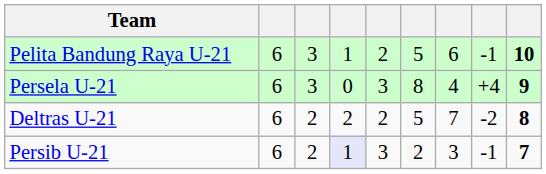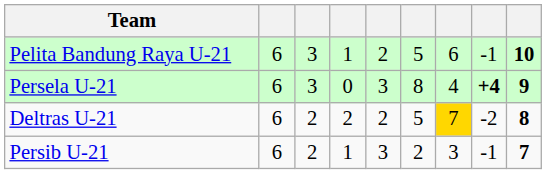 <table class="wikitable" style="text-align:center">
 <tr>
 <th width=190>Team</th>
 <th width=20></th>
 <th width=20></th>
 <th width=20></th>
 <th width=20></th>
 <th width=20></th>
 <th width=20></th>
 <th width=20></th>
 <th width=20></th>
 </tr>
 <tr bgcolor="#ccffcc">
 <td align=left><a href='#'>Pelita Bandung Raya U-21</a></td>
 <td>6</td>
 <td>3</td>
 <td>1</td>
 <td>2</td>
 <td>5</td>
 <td>6</td>
 <td>-1</td>
 <td><strong>10</strong></td>
 </tr>
 <tr bgcolor="#ccffcc">
 <td align=left><a href='#'>Persela U-21</a></td>
 <td>6</td>
 <td>3</td>
 <td>0</td>
 <td>3</td>
 <td>8</td>
 <td>4</td>
-<td>+4</td>
+<td><strong>+4</strong></td>
 <td><strong>9</strong></td>
 </tr>
 <tr>
 <td align=left><a href='#'>Deltras U-21</a></td>
 <td>6</td>
 <td>2</td>
 <td>2</td>
 <td>2</td>
 <td>5</td>
-<td>7</td>
+<td style="background: gold;">7</td>
 <td>-2</td>
 <td><strong>8</strong></td>
 </tr>
 <tr>
 <td align=left><a href='#'>Persib U-21</a></td>
 <td>6</td>
 <td>2</td>
-<td style="background: lavender;">1</td>
+<td>1</td>
 <td>3</td>
 <td>2</td>
 <td>3</td>
 <td>-1</td>
 <td><strong>7</strong></td>
 </tr>
 </table>
